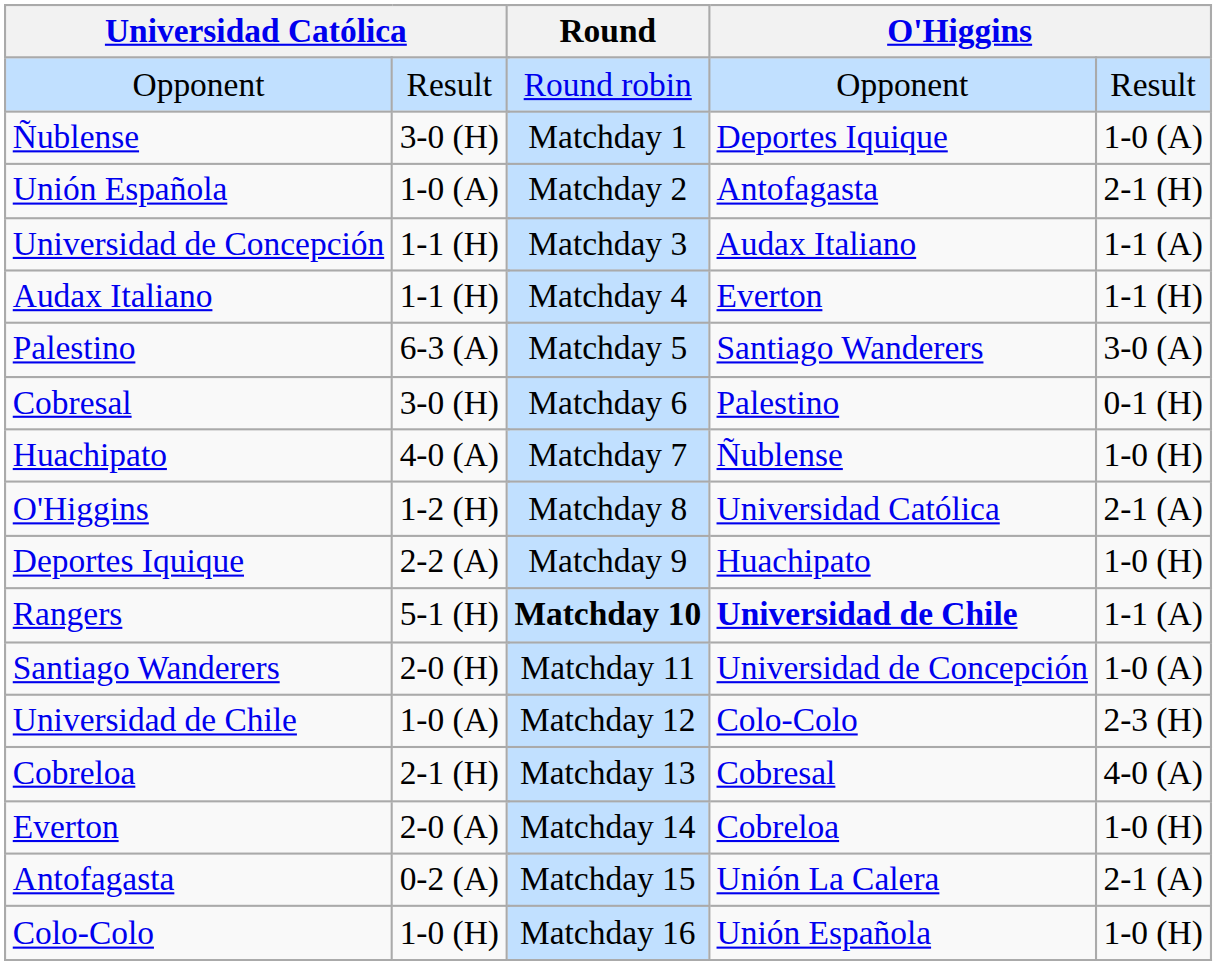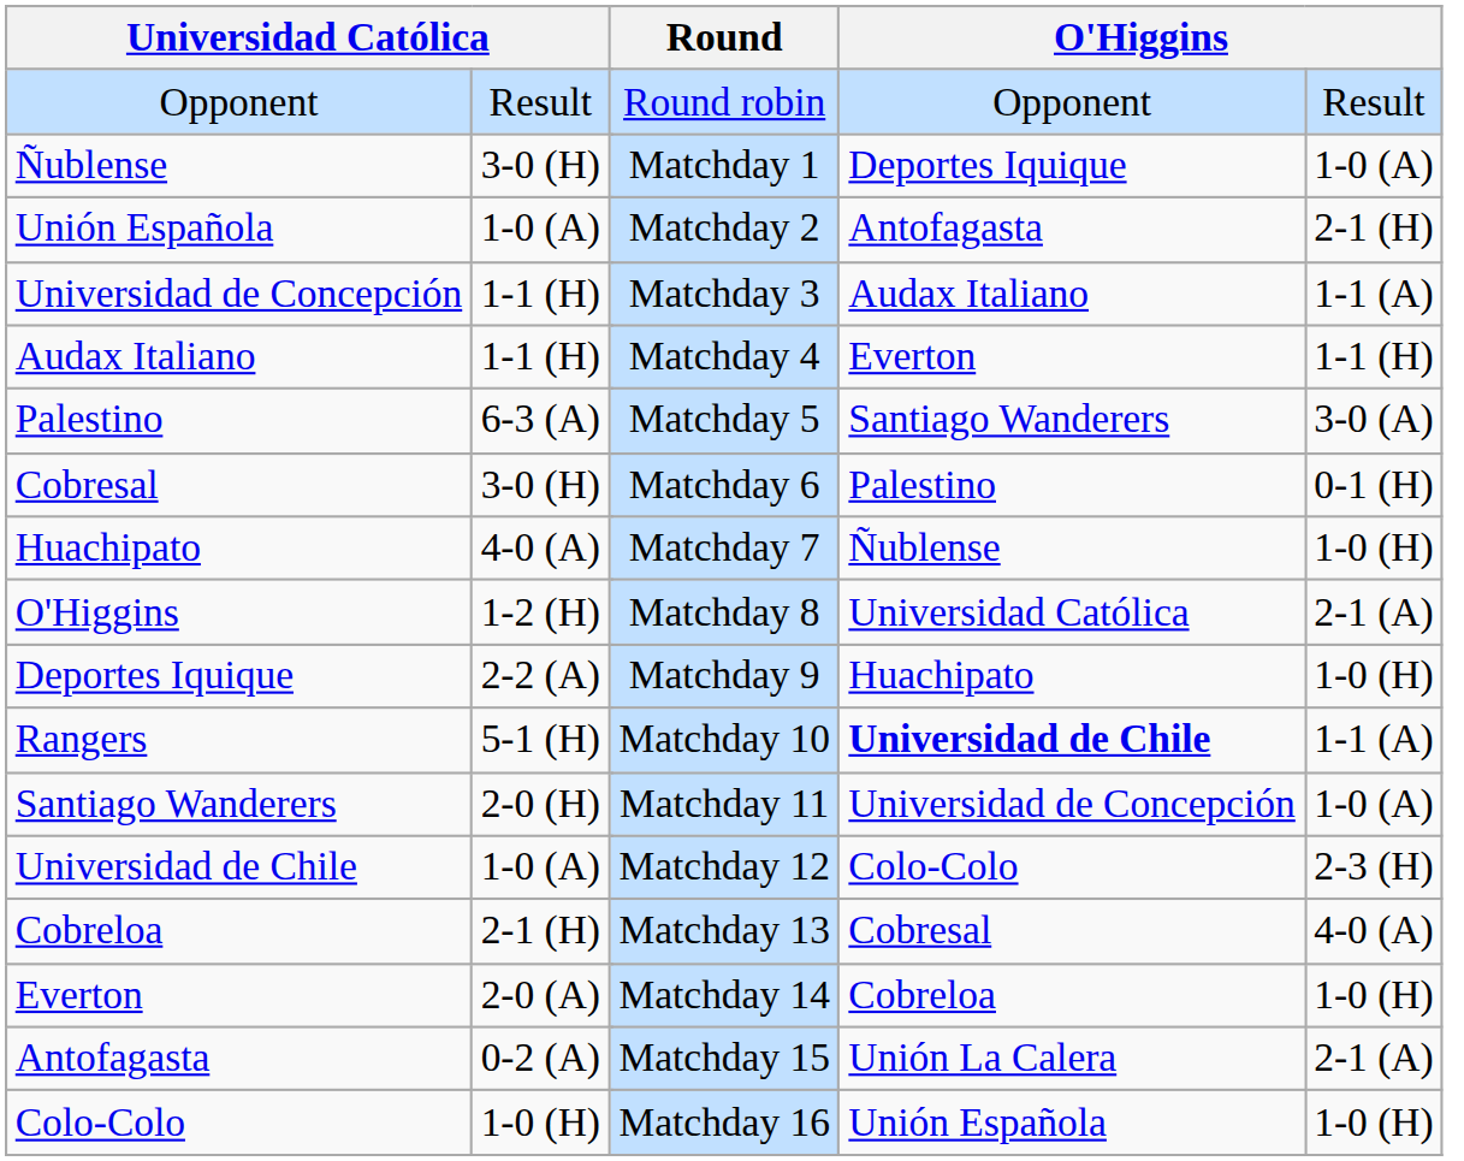 <table class="wikitable" style="text-align:center">
 <tr>
 <th colspan=4> <a href='#'>Universidad Católica</a></th>
 <th>Round</th>
 <th colspan=4> <a href='#'>O'Higgins</a></th>
 </tr>
 <tr style="background:#c1e0ff">
 <td>Opponent</td>
 <td colspan=3>Result</td>
 <td><a href='#'>Round robin</a></td>
 <td>Opponent</td>
 <td colspan=3>Result</td>
 </tr>
 <tr>
 <td align=left> <a href='#'>Ñublense</a></td>
 <td colspan=3>3-0 (H)</td>
 <td style="background:#c1e0ff">Matchday 1</td>
 <td align=left> <a href='#'>Deportes Iquique</a></td>
 <td colspan=3>1-0 (A)</td>
 </tr>
 <tr>
 <td align=left> <a href='#'>Unión Española</a></td>
 <td colspan=3>1-0 (A)</td>
 <td style="background:#c1e0ff">Matchday 2</td>
 <td align=left> <a href='#'>Antofagasta</a></td>
 <td colspan=3>2-1 (H)</td>
 </tr>
 <tr>
 <td align=left> <a href='#'>Universidad de Concepción</a></td>
 <td colspan=3>1-1 (H)</td>
 <td style="background:#c1e0ff">Matchday 3</td>
 <td align=left> <a href='#'>Audax Italiano</a></td>
 <td colspan=3>1-1 (A)</td>
 </tr>
 <tr>
 <td align=left> <a href='#'>Audax Italiano</a></td>
 <td colspan=3>1-1 (H)</td>
 <td style="background:#c1e0ff">Matchday 4</td>
 <td align=left> <a href='#'>Everton</a></td>
 <td colspan=3>1-1 (H)</td>
 </tr>
 <tr>
 <td align=left> <a href='#'>Palestino</a></td>
 <td colspan=3>6-3 (A)</td>
 <td style="background:#c1e0ff">Matchday 5</td>
 <td align=left> <a href='#'>Santiago Wanderers</a></td>
 <td colspan=3>3-0 (A) </td>
 </tr>
 <tr>
 <td align=left> <a href='#'>Cobresal</a></td>
 <td colspan=3>3-0 (H)</td>
 <td style="background:#c1e0ff">Matchday 6</td>
 <td align=left> <a href='#'>Palestino</a></td>
 <td colspan=3>0-1 (H)</td>
 </tr>
 <tr>
 <td align=left> <a href='#'>Huachipato</a></td>
 <td colspan=3>4-0 (A)</td>
 <td style="background:#c1e0ff">Matchday 7</td>
 <td align=left> <a href='#'>Ñublense</a></td>
 <td colspan=3>1-0 (H)</td>
 </tr>
 <tr>
 <td align=left> <a href='#'>O'Higgins</a></td>
 <td colspan=3>1-2 (H)</td>
 <td style="background:#c1e0ff">Matchday 8</td>
 <td align=left> <a href='#'>Universidad Católica</a></td>
 <td colspan=3>2-1 (A)</td>
 </tr>
 <tr>
 <td align=left> <a href='#'>Deportes Iquique</a></td>
 <td colspan=3>2-2 (A)</td>
 <td style="background:#c1e0ff">Matchday 9</td>
 <td align=left> <a href='#'>Huachipato</a></td>
 <td colspan=3>1-0 (H)</td>
 </tr>
 <tr>
 <td align=left> <a href='#'>Rangers</a></td>
 <td colspan=3>5-1 (H)</td>
-<td style="background:#c1e0ff"><strong>Matchday 10</strong></td>
+<td style="background:#c1e0ff">Matchday 10</td>
 <td align=left><strong> <a href='#'>Universidad de Chile</a></strong></td>
 <td colspan=3>1-1 (A)</td>
 </tr>
 <tr>
 <td align=left> <a href='#'>Santiago Wanderers</a></td>
 <td colspan=3>2-0 (H)</td>
 <td style="background:#c1e0ff">Matchday 11</td>
 <td align=left> <a href='#'>Universidad de Concepción</a></td>
 <td colspan=3>1-0 (A)</td>
 </tr>
 <tr>
 <td align=left> <a href='#'>Universidad de Chile</a></td>
 <td colspan=3>1-0 (A) </td>
 <td style="background:#c1e0ff">Matchday 12</td>
 <td align=left> <a href='#'>Colo-Colo</a></td>
 <td colspan=3>2-3 (H)</td>
 </tr>
 <tr>
 <td align=left> <a href='#'>Cobreloa</a></td>
 <td colspan=3>2-1 (H)</td>
 <td style="background:#c1e0ff">Matchday 13</td>
 <td align=left> <a href='#'>Cobresal</a></td>
 <td colspan=3>4-0 (A)</td>
 </tr>
 <tr>
 <td align=left> <a href='#'>Everton</a></td>
 <td colspan=3>2-0 (A)</td>
 <td style="background:#c1e0ff">Matchday 14</td>
 <td align=left> <a href='#'>Cobreloa</a></td>
 <td colspan=3>1-0 (H)</td>
 </tr>
 <tr>
 <td align=left> <a href='#'>Antofagasta</a></td>
 <td colspan=3>0-2 (A)</td>
 <td style="background:#c1e0ff">Matchday 15</td>
 <td align=left> <a href='#'>Unión La Calera</a></td>
 <td colspan=3>2-1 (A)</td>
 </tr>
 <tr>
 <td align=left> <a href='#'>Colo-Colo</a></td>
 <td colspan=3>1-0 (H)</td>
 <td style="background:#c1e0ff">Matchday 16</td>
 <td align=left> <a href='#'>Unión Española</a></td>
 <td colspan=3>1-0 (H)</td>
 </tr>
 <tr>
 </tr>
 </table>
